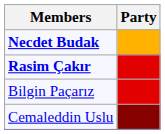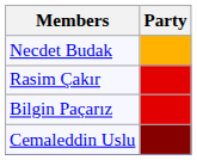 <table class=wikitable style="border:1px solid #8888aa; background-color:#f7f8ff; padding:0px; font-size:90%;">
 <tr>
 <th>Members</th>
 <th colspan="2">Party</th>
 </tr>
 <tr>
-<td><strong><a href='#'>Necdet Budak</a></strong></td>
+<td><a href='#'>Necdet Budak</a></td>
 <td style="background: #ffb300"></td>
 </tr>
 <tr>
-<td><strong><a href='#'>Rasim Çakır</a></strong></td>
+<td><a href='#'>Rasim Çakır</a></td>
 <td style="background: #e30000"></td>
 </tr>
 <tr>
 <td><a href='#'>Bilgin Paçarız</a></td>
 <td style="background: #e30000"></td>
 </tr>
 <tr>
 <td><a href='#'>Cemaleddin Uslu</a></td>
 <td style="background: #870000"></td>
 </tr>
 <tr>
 </tr>
 </table>
